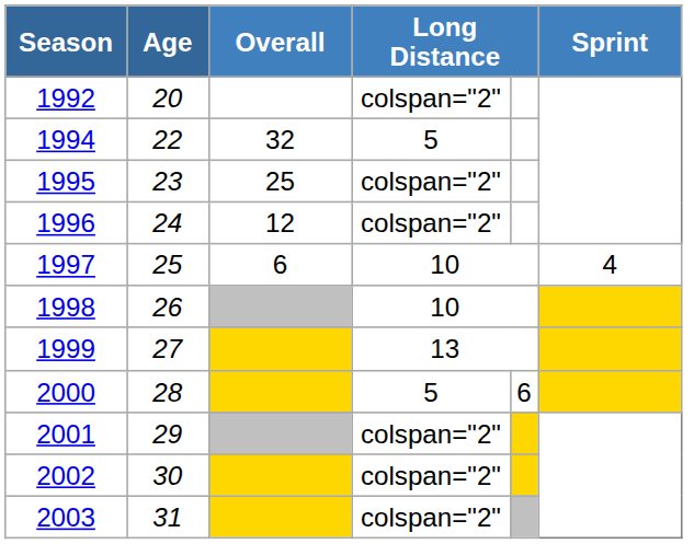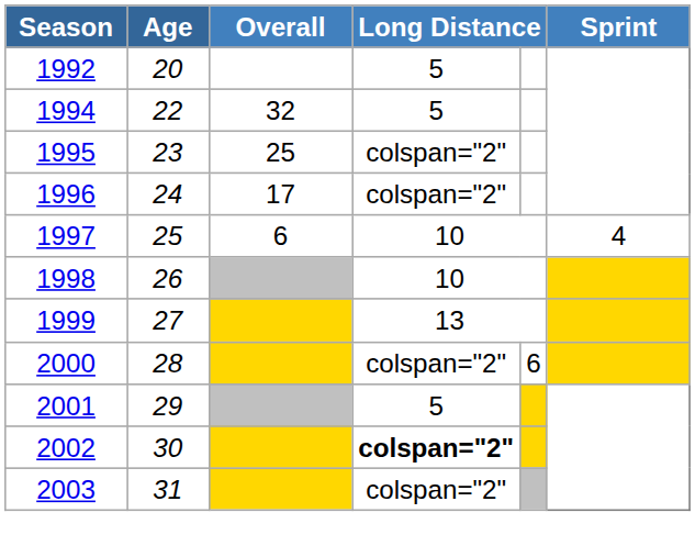 <table class="wikitable" style="font-size:95%; text-align:center; border:grey solid 1px; border-collapse:collapse; background:#ffffff;">
 <tr>
 <th style="background-color:#369; color:white; width:60px;"> Season </th>
 <th style="background-color:#369; color:white; width:40px;"> Age </th>
 <th style="background-color:#4180be; color:white; width:75px;">Overall</th>
 <th style="background-color:#4180be; color:white; width:100px;" colspan="2">Long Distance</th>
 <th style="background-color:#4180be; color:white; width:75px;">Sprint</th>
 </tr>
 <tr>
 <td><a href='#'>1992</a></td>
 <td><em>20</em></td>
 <td></td>
-<td>colspan="2" </td>
+<td>5</td>
 <td></td>
 </tr>
 <tr>
 <td><a href='#'>1994</a></td>
 <td><em>22</em></td>
 <td>32</td>
 <td>5</td>
 <td></td>
 </tr>
 <tr>
 <td><a href='#'>1995</a></td>
 <td><em>23</em></td>
 <td>25</td>
 <td>colspan="2" </td>
 <td></td>
 </tr>
 <tr>
 <td><a href='#'>1996</a></td>
 <td><em>24</em></td>
-<td>12</td>
+<td>17</td>
 <td>colspan="2" </td>
 <td></td>
 </tr>
 <tr>
 <td><a href='#'>1997</a></td>
 <td><em>25</em></td>
 <td>6</td>
 <td colspan="2">10</td>
 <td>4</td>
 </tr>
 <tr>
 <td><a href='#'>1998</a></td>
 <td><em>26</em></td>
 <td style="background:silver;"></td>
 <td colspan="2">10</td>
 <td style="background:gold;"></td>
 </tr>
 <tr>
 <td><a href='#'>1999</a></td>
 <td><em>27</em></td>
 <td style="background:gold;"></td>
 <td colspan="2">13</td>
 <td style="background:gold;"></td>
 </tr>
 <tr>
 <td><a href='#'>2000</a></td>
 <td><em>28</em></td>
 <td style="background:gold;"></td>
-<td>5</td>
+<td>colspan="2" </td>
 <td>6</td>
 <td style="background:gold;"></td>
 </tr>
 <tr>
 <td><a href='#'>2001</a></td>
 <td><em>29</em></td>
 <td style="background:silver;"></td>
-<td>colspan="2" </td>
+<td>5</td>
 <td style="background:gold;"></td>
 </tr>
 <tr>
 <td><a href='#'>2002</a></td>
 <td><em>30</em></td>
 <td style="background:gold;"></td>
-<td>colspan="2" </td>
+<td><strong>colspan="2" </strong></td>
 <td style="background:gold;"></td>
 </tr>
 <tr>
 <td><a href='#'>2003</a></td>
 <td><em>31</em></td>
 <td style="background:gold;"></td>
 <td>colspan="2" </td>
 <td style="background:silver;"></td>
 </tr>
 </table>
